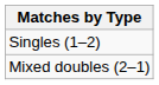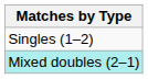 <table class=wikitable>
 <tr>
 <th>Matches by Type</th>
 </tr>
 <tr>
 <td>Singles (1–2)</td>
 </tr>
 <tr>
-<td>Mixed doubles (2–1)</td>
+<td style="background: paleturquoise;">Mixed doubles (2–1)</td>
 </tr>
 </table>
